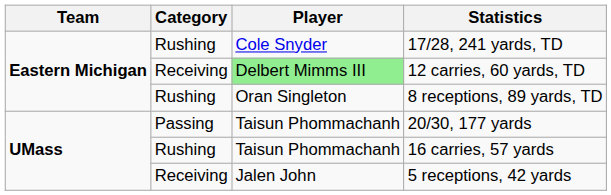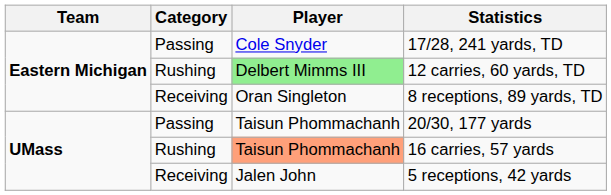 <table class="wikitable" style="float: right;">
 <tr>
 <th>Team</th>
 <th>Category</th>
 <th>Player</th>
 <th>Statistics</th>
 </tr>
 <tr>
 <td rowspan=3><strong>Eastern Michigan</strong></td>
-<td>Rushing</td>
+<td>Passing</td>
 <td><a href='#'>Cole Snyder</a></td>
 <td>17/28, 241 yards, TD</td>
 </tr>
 <tr>
-<td>Receiving</td>
+<td>Rushing</td>
 <td style="background: lightgreen;">Delbert Mimms III</td>
 <td>12 carries, 60 yards, TD</td>
 </tr>
 <tr>
-<td>Rushing</td>
+<td>Receiving</td>
 <td>Oran Singleton</td>
 <td>8 receptions, 89 yards, TD</td>
 </tr>
 <tr>
 <td rowspan=3><strong>UMass</strong></td>
 <td>Passing</td>
 <td>Taisun Phommachanh</td>
 <td>20/30, 177 yards</td>
 </tr>
 <tr>
 <td>Rushing</td>
-<td>Taisun Phommachanh</td>
+<td style="background: lightsalmon;">Taisun Phommachanh</td>
 <td>16 carries, 57 yards</td>
 </tr>
 <tr>
 <td>Receiving</td>
 <td>Jalen John</td>
 <td>5 receptions, 42 yards</td>
 </tr>
 </table>
